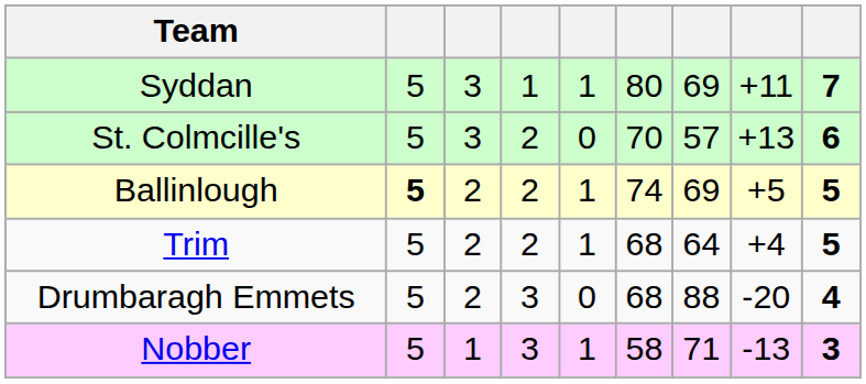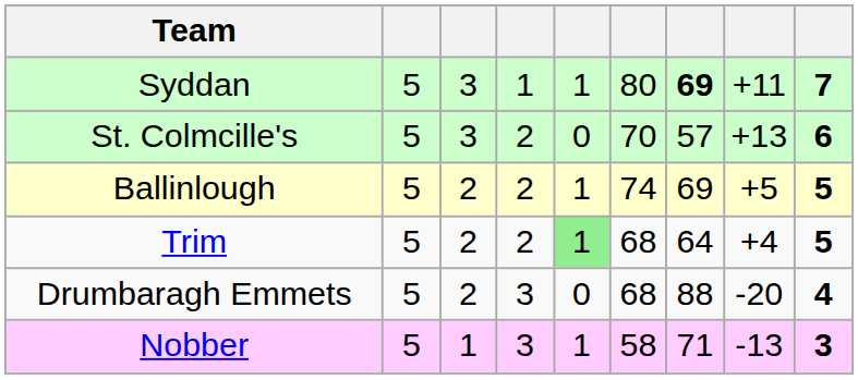 <table class="wikitable" style="text-align:center">
 <tr>
 <th style="width:175px;">Team</th>
 <th width="20"></th>
 <th width="20"></th>
 <th width="20"></th>
 <th width="20"></th>
 <th width="20"></th>
 <th width="20"></th>
 <th width="20"></th>
 <th width="20"></th>
 </tr>
 <tr style="background:#cfc;">
 <td>Syddan</td>
 <td>5</td>
 <td>3</td>
 <td>1</td>
 <td>1</td>
 <td>80</td>
-<td>69</td>
+<td><strong>69</strong></td>
 <td>+11</td>
 <td><strong>7</strong></td>
 </tr>
 <tr style="background:#cfc;">
 <td>St. Colmcille's</td>
 <td>5</td>
 <td>3</td>
 <td>2</td>
 <td>0</td>
 <td>70</td>
 <td>57</td>
 <td>+13</td>
 <td><strong>6</strong></td>
 </tr>
 <tr style="background:#ffffcc;">
 <td>Ballinlough</td>
-<td><strong>5</strong></td>
+<td>5</td>
 <td>2</td>
 <td>2</td>
 <td>1</td>
 <td>74</td>
 <td>69</td>
 <td>+5</td>
 <td><strong>5</strong></td>
 </tr>
 <tr>
 <td><a href='#'>Trim</a></td>
 <td>5</td>
 <td>2</td>
 <td>2</td>
-<td>1</td>
+<td style="background: lightgreen;">1</td>
 <td>68</td>
 <td>64</td>
 <td>+4</td>
 <td><strong>5</strong></td>
 </tr>
 <tr>
 <td>Drumbaragh Emmets</td>
 <td>5</td>
 <td>2</td>
 <td>3</td>
 <td>0</td>
 <td>68</td>
 <td>88</td>
 <td>-20</td>
 <td><strong>4</strong></td>
 </tr>
 <tr style="background:#fcf;">
 <td><a href='#'>Nobber</a></td>
 <td>5</td>
 <td>1</td>
 <td>3</td>
 <td>1</td>
 <td>58</td>
 <td>71</td>
 <td>-13</td>
 <td><strong>3</strong></td>
 </tr>
 </table>
